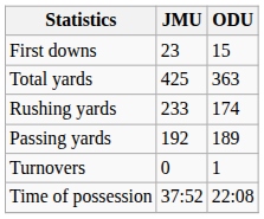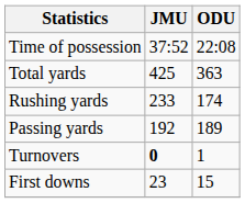 <table class="wikitable" style="float: left;">
 <tr>
 <th>Statistics</th>
 <th>JMU</th>
 <th>ODU</th>
 </tr>
 <tr>
-<td>First downs</td>
-<td>23</td>
-<td>15</td>
+<td>Time of possession</td>
+<td>37:52</td>
+<td>22:08</td>
 </tr>
 <tr>
 <td>Total yards</td>
 <td>425</td>
 <td>363</td>
 </tr>
 <tr>
 <td>Rushing yards</td>
 <td>233</td>
 <td>174</td>
 </tr>
 <tr>
 <td>Passing yards</td>
 <td>192</td>
 <td>189</td>
 </tr>
 <tr>
 <td>Turnovers</td>
-<td>0</td>
+<td><strong>0</strong></td>
 <td>1</td>
 </tr>
 <tr>
-<td>Time of possession</td>
-<td>37:52</td>
-<td>22:08</td>
+<td>First downs</td>
+<td>23</td>
+<td>15</td>
 </tr>
 <tr>
 </tr>
 </table>
